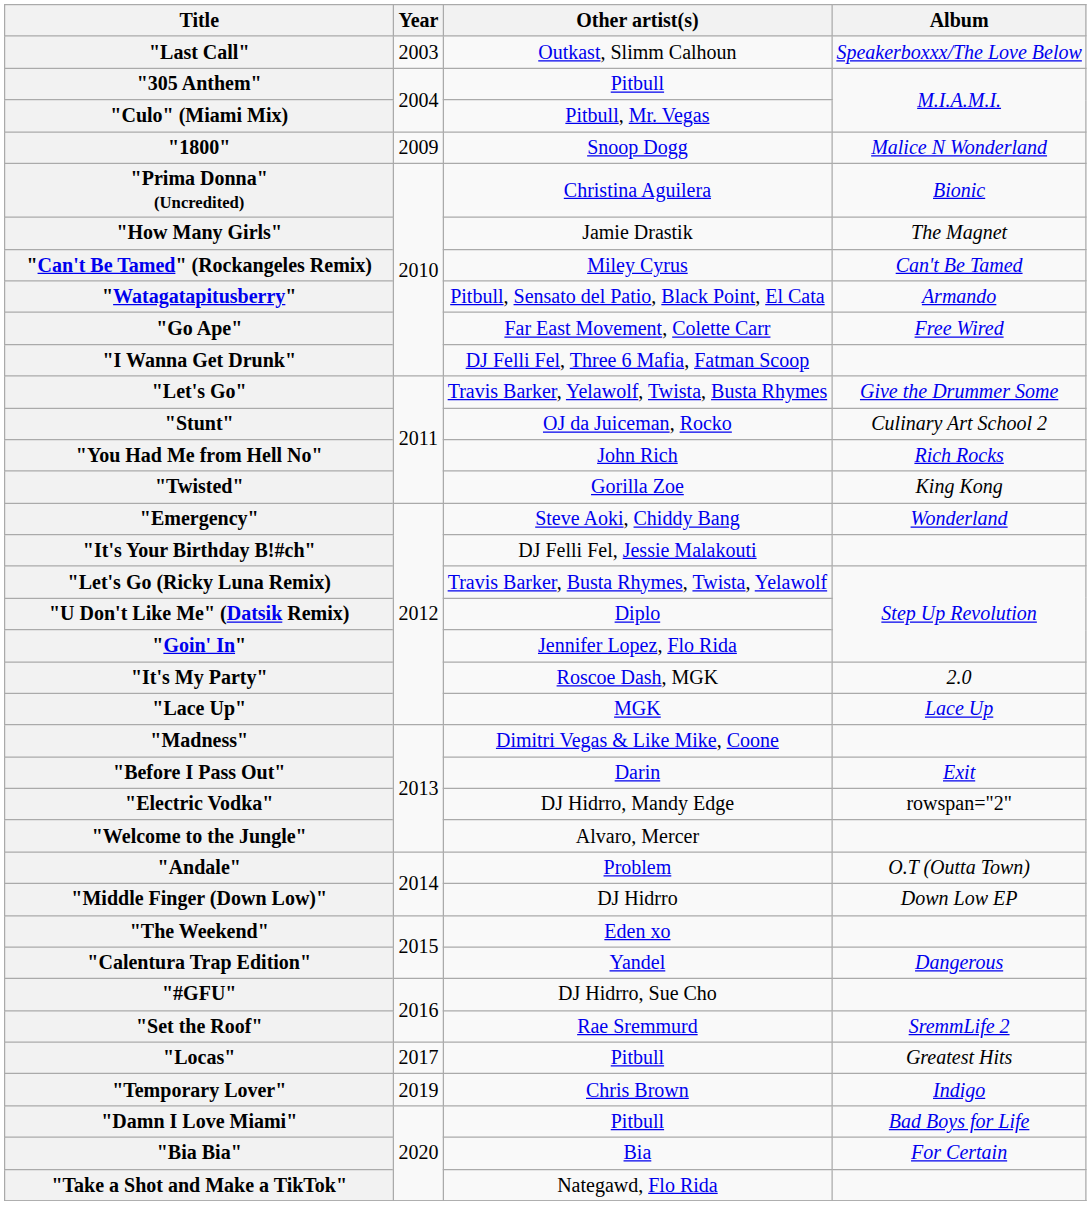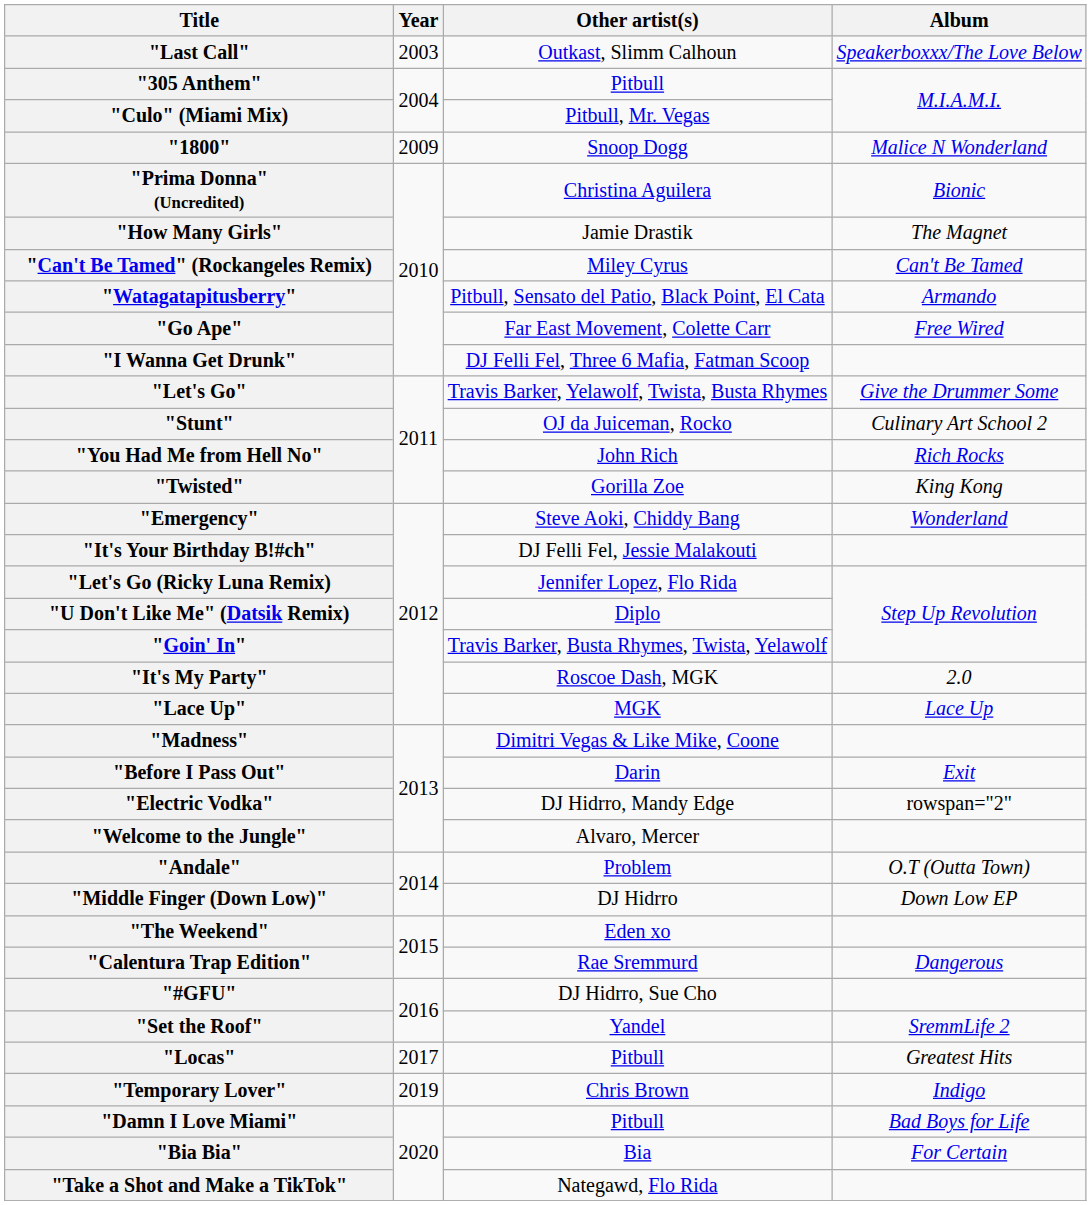 <table class="wikitable plainrowheaders" style="text-align:center;" border="1">
 <tr>
 <th scope="col" style="width:19em;">Title</th>
 <th scope="col">Year</th>
 <th scope="col">Other artist(s)</th>
 <th scope="col">Album</th>
 </tr>
 <tr>
 <th scope="row">"Last Call"</th>
 <td rowspan="1">2003</td>
 <td><a href='#'>Outkast</a>, Slimm Calhoun</td>
 <td><em><a href='#'>Speakerboxxx/The Love Below</a></em></td>
 </tr>
 <tr>
 <th scope="row">"305 Anthem"</th>
 <td rowspan="2">2004</td>
 <td><a href='#'>Pitbull</a></td>
 <td rowspan="2"><em><a href='#'>M.I.A.M.I.</a></em></td>
 </tr>
 <tr>
 <th scope="row">"Culo" (Miami Mix)</th>
 <td><a href='#'>Pitbull</a>, <a href='#'>Mr. Vegas</a></td>
 </tr>
 <tr>
 <th scope="row">"1800"</th>
 <td rowspan="1">2009</td>
 <td><a href='#'>Snoop Dogg</a></td>
 <td><em><a href='#'>Malice N Wonderland</a></em></td>
 </tr>
 <tr>
 <th scope="row">"Prima Donna"<br><small>(Uncredited)</small></th>
 <td rowspan="6">2010</td>
 <td><a href='#'>Christina Aguilera</a></td>
 <td><em><a href='#'>Bionic</a></em></td>
 </tr>
 <tr>
 <th scope="row">"How Many Girls"</th>
 <td>Jamie Drastik</td>
 <td><em>The Magnet</em></td>
 </tr>
 <tr>
 <th scope="row">"<a href='#'>Can't Be Tamed</a>" (Rockangeles Remix)</th>
 <td><a href='#'>Miley Cyrus</a></td>
 <td><em><a href='#'>Can't Be Tamed</a></em></td>
 </tr>
 <tr>
 <th scope="row">"<a href='#'>Watagatapitusberry</a>"</th>
 <td><a href='#'>Pitbull</a>, <a href='#'>Sensato del Patio</a>, <a href='#'>Black Point</a>, <a href='#'>El Cata</a></td>
 <td><em><a href='#'>Armando</a></em></td>
 </tr>
 <tr>
 <th scope="row">"Go Ape"</th>
 <td><a href='#'>Far East Movement</a>, <a href='#'>Colette Carr</a></td>
 <td><em><a href='#'>Free Wired</a></em></td>
 </tr>
 <tr>
 <th scope="row">"I Wanna Get Drunk"</th>
 <td><a href='#'>DJ Felli Fel</a>, <a href='#'>Three 6 Mafia</a>, <a href='#'>Fatman Scoop</a></td>
 <td></td>
 </tr>
 <tr>
 <th scope="row">"Let's Go"</th>
 <td rowspan="4">2011</td>
 <td><a href='#'>Travis Barker</a>, <a href='#'>Yelawolf</a>, <a href='#'>Twista</a>, <a href='#'>Busta Rhymes</a></td>
 <td><em><a href='#'>Give the Drummer Some</a></em></td>
 </tr>
 <tr>
 <th scope="row">"Stunt"</th>
 <td><a href='#'>OJ da Juiceman</a>, <a href='#'>Rocko</a></td>
 <td><em>Culinary Art School 2</em></td>
 </tr>
 <tr>
 <th scope="row">"You Had Me from Hell No"</th>
 <td><a href='#'>John Rich</a></td>
 <td><em><a href='#'>Rich Rocks</a></em></td>
 </tr>
 <tr>
 <th scope="row">"Twisted"</th>
 <td><a href='#'>Gorilla Zoe</a></td>
 <td><em>King Kong</em></td>
 </tr>
 <tr>
 <th scope="row">"Emergency"</th>
 <td rowspan="7">2012</td>
 <td><a href='#'>Steve Aoki</a>, <a href='#'>Chiddy Bang</a></td>
 <td><em><a href='#'>Wonderland</a></em></td>
 </tr>
 <tr>
 <th scope="row">"It's Your Birthday B!#ch"</th>
 <td>DJ Felli Fel, <a href='#'>Jessie Malakouti</a></td>
 <td></td>
 </tr>
 <tr>
 <th scope="row">"Let's Go (Ricky Luna Remix)</th>
-<td><a href='#'>Travis Barker</a>, <a href='#'>Busta Rhymes</a>, <a href='#'>Twista</a>, <a href='#'>Yelawolf</a></td>
+<td><a href='#'>Jennifer Lopez</a>, <a href='#'>Flo Rida</a></td>
 <td rowspan="3"><em><a href='#'>Step Up Revolution</a></em></td>
 </tr>
 <tr>
 <th scope="row">"U Don't Like Me" (<a href='#'>Datsik</a> Remix)</th>
 <td><a href='#'>Diplo</a></td>
 </tr>
 <tr>
 <th scope="row">"<a href='#'>Goin' In</a>"</th>
-<td><a href='#'>Jennifer Lopez</a>, <a href='#'>Flo Rida</a></td>
+<td><a href='#'>Travis Barker</a>, <a href='#'>Busta Rhymes</a>, <a href='#'>Twista</a>, <a href='#'>Yelawolf</a></td>
 </tr>
 <tr>
 <th scope="row">"It's My Party"</th>
 <td><a href='#'>Roscoe Dash</a>, MGK</td>
 <td><em>2.0</em></td>
 </tr>
 <tr>
 <th scope="row">"Lace Up"</th>
 <td><a href='#'>MGK</a></td>
 <td><em><a href='#'>Lace Up</a></em></td>
 </tr>
 <tr>
 <th scope="row">"Madness"</th>
 <td rowspan="4">2013</td>
 <td><a href='#'>Dimitri Vegas & Like Mike</a>, <a href='#'>Coone</a></td>
 <td></td>
 </tr>
 <tr>
 <th scope="row">"Before I Pass Out"</th>
 <td><a href='#'>Darin</a></td>
 <td><em><a href='#'>Exit</a></em></td>
 </tr>
 <tr>
 <th scope="row">"Electric Vodka"</th>
 <td>DJ Hidrro, Mandy Edge</td>
 <td>rowspan="2" </td>
 </tr>
 <tr>
 <th scope="row">"Welcome to the Jungle"</th>
 <td>Alvaro, Mercer</td>
 </tr>
 <tr>
 <th scope="row">"Andale"</th>
 <td rowspan="2">2014</td>
 <td><a href='#'>Problem</a></td>
 <td><em>O.T (Outta Town)</em></td>
 </tr>
 <tr>
 <th scope="row">"Middle Finger (Down Low)"</th>
 <td>DJ Hidrro</td>
 <td><em>Down Low EP</em></td>
 </tr>
 <tr>
 <th scope="row">"The Weekend"</th>
 <td rowspan="2">2015</td>
 <td><a href='#'>Eden xo</a></td>
 <td></td>
 </tr>
 <tr>
 <th scope="row">"Calentura Trap Edition"</th>
-<td><a href='#'>Yandel</a></td>
+<td><a href='#'>Rae Sremmurd</a></td>
 <td><em><a href='#'>Dangerous</a></em></td>
 </tr>
 <tr>
 <th scope="row">"#GFU"</th>
 <td rowspan="2">2016</td>
 <td>DJ Hidrro, Sue Cho</td>
 <td></td>
 </tr>
 <tr>
 <th scope="row">"Set the Roof"</th>
-<td><a href='#'>Rae Sremmurd</a></td>
+<td><a href='#'>Yandel</a></td>
 <td><em><a href='#'>SremmLife 2</a></em></td>
 </tr>
 <tr>
 <th scope="row">"Locas"</th>
 <td rowspan="1">2017</td>
 <td><a href='#'>Pitbull</a></td>
 <td><em>Greatest Hits</em></td>
 </tr>
 <tr>
 <th scope="row">"Temporary Lover"</th>
 <td rowspan="1">2019</td>
 <td><a href='#'>Chris Brown</a></td>
 <td><em><a href='#'>Indigo</a></em></td>
 </tr>
 <tr>
 <th scope="row">"Damn I Love Miami"</th>
 <td rowspan="3">2020</td>
 <td><a href='#'>Pitbull</a></td>
 <td><em><a href='#'>Bad Boys for Life</a></em></td>
 </tr>
 <tr>
 <th scope="row">"Bia Bia"</th>
 <td><a href='#'>Bia</a></td>
 <td><em><a href='#'>For Certain</a></em></td>
 </tr>
 <tr>
 <th scope="row">"Take a Shot and Make a TikTok"</th>
 <td>Nategawd, <a href='#'>Flo Rida</a></td>
 <td></td>
 </tr>
 <tr>
 </tr>
 </table>
